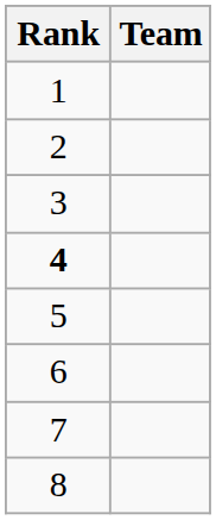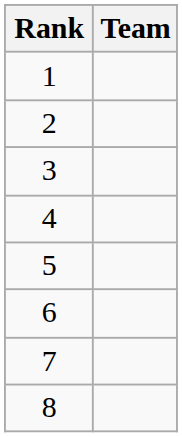 <table class="wikitable">
 <tr>
 <th style="width: 40px;">Rank</th>
 <th>Team</th>
 </tr>
 <tr>
 <td style="text-align: center;">1</td>
 <td></td>
 </tr>
 <tr>
 <td style="text-align: center;">2</td>
 <td></td>
 </tr>
 <tr>
 <td style="text-align: center;">3</td>
 <td></td>
 </tr>
 <tr>
-<td style="text-align: center;"><strong>4</strong></td>
+<td style="text-align: center;">4</td>
 <td></td>
 </tr>
 <tr>
 <td style="text-align: center;">5</td>
 <td></td>
 </tr>
 <tr>
 <td style="text-align: center;">6</td>
 <td></td>
 </tr>
 <tr>
 <td style="text-align: center;">7</td>
 <td></td>
 </tr>
 <tr>
 <td style="text-align: center;">8</td>
 <td></td>
 </tr>
 </table>
